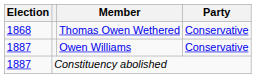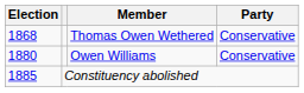 <table class="wikitable">
 <tr>
 <th>Election</th>
 <th></th>
 <th>Member</th>
 <th>Party</th>
 </tr>
 <tr>
 <td><a href='#'>1868</a></td>
 <td style="color:inherit;background-color: "></td>
 <td><a href='#'>Thomas Owen Wethered</a></td>
 <td><a href='#'>Conservative</a></td>
 </tr>
 <tr>
-<td><a href='#'>1887</a></td>
+<td><a href='#'>1880</a></td>
 <td style="color:inherit;background-color: "></td>
 <td><a href='#'>Owen Williams</a></td>
 <td><a href='#'>Conservative</a></td>
 </tr>
 <tr>
-<td><a href='#'>1887</a></td>
+<td><a href='#'>1885</a></td>
 <td colspan="3"><em>Constituency abolished</em></td>
 </tr>
 </table>
